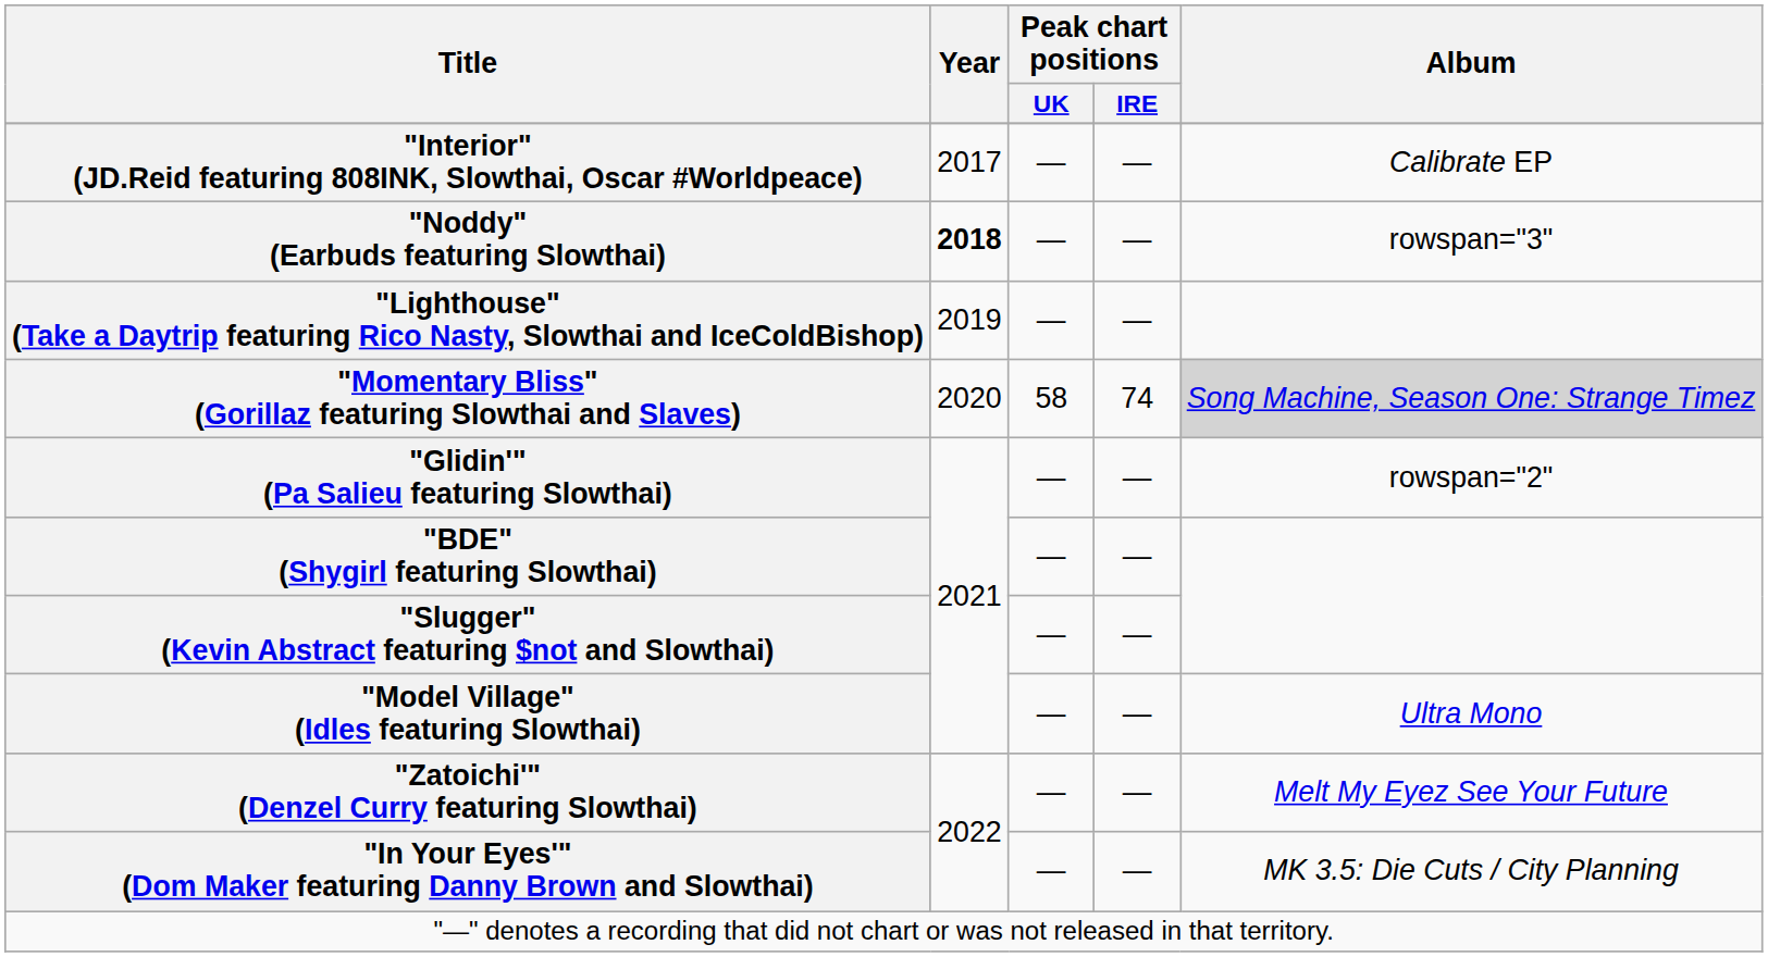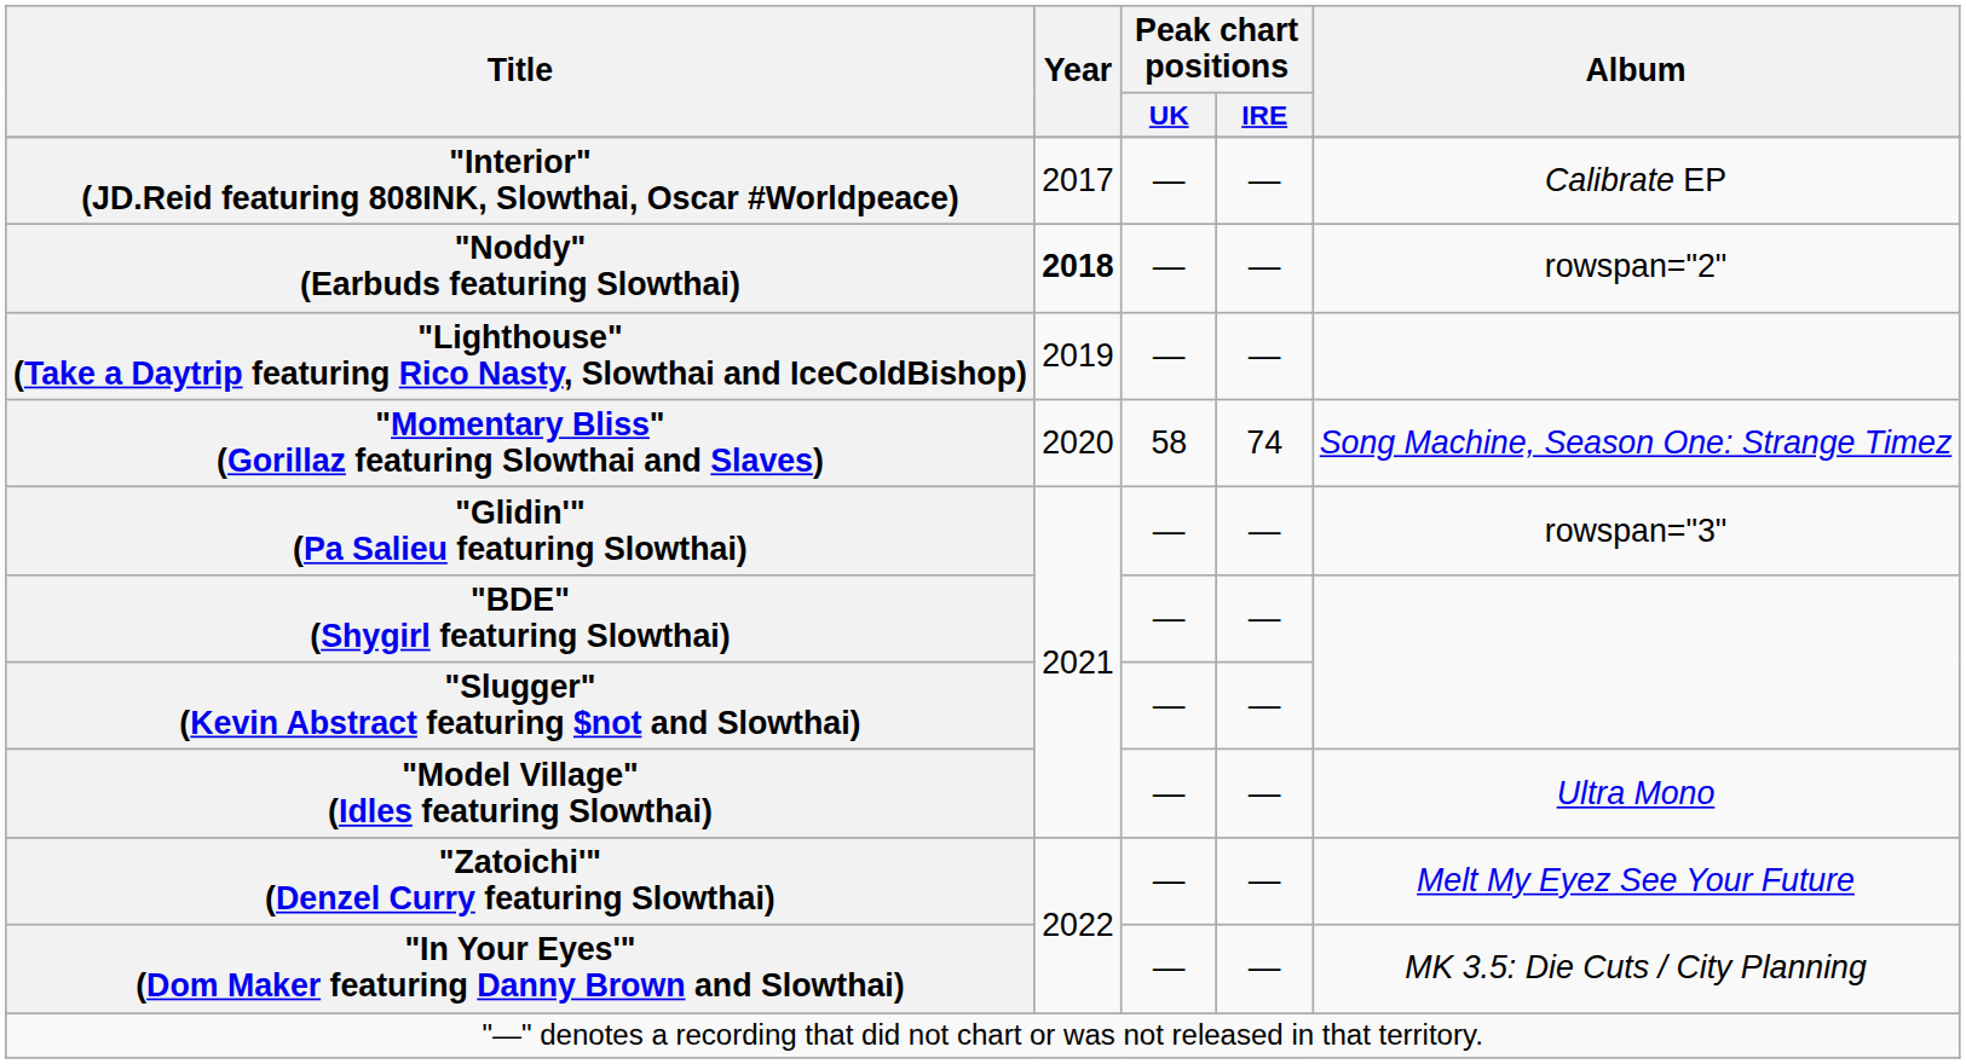 <table class="wikitable plainrowheaders" style="text-align:center;">
 <tr>
 <th scope="col" rowspan="2">Title</th>
 <th scope="col" rowspan="2">Year</th>
 <th scope="col" colspan="2">Peak chart positions</th>
 <th scope="col" rowspan="2">Album</th>
 </tr>
 <tr>
 <th scope="col" style="width:3em;font-size:85%;"><a href='#'>UK</a><br></th>
 <th scope="col" style="width:3em;font-size:85%;"><a href='#'>IRE</a><br></th>
 </tr>
 <tr>
 </tr>
 <tr>
 <th scope="row">"Interior"<br><span>(JD.Reid featuring 808INK, Slowthai, Oscar #Worldpeace)</span></th>
 <td>2017</td>
 <td>—</td>
 <td>—</td>
 <td><em>Calibrate</em> EP</td>
 </tr>
 <tr>
 <th scope="row">"Noddy"<br><span>(Earbuds featuring Slowthai)</span></th>
 <td><strong>2018</strong></td>
 <td>—</td>
 <td>—</td>
-<td>rowspan="3" </td>
+<td>rowspan="2" </td>
 </tr>
 <tr>
 <th scope="row">"Lighthouse"<br><span>(<a href='#'>Take a Daytrip</a> featuring <a href='#'>Rico Nasty</a>, Slowthai and IceColdBishop)</span></th>
 <td>2019</td>
 <td>—</td>
 <td>—</td>
 </tr>
 <tr>
 <th scope="row">"<a href='#'>Momentary Bliss</a>"<br><span>(<a href='#'>Gorillaz</a> featuring Slowthai and <a href='#'>Slaves</a>)</span></th>
 <td>2020</td>
 <td>58</td>
 <td>74</td>
-<td style="background: lightgrey;"><em><a href='#'>Song Machine, Season One: Strange Timez</a></em></td>
+<td><em><a href='#'>Song Machine, Season One: Strange Timez</a></em></td>
 </tr>
 <tr>
 <th scope="row">"Glidin'"<br><span>(<a href='#'>Pa Salieu</a> featuring Slowthai)</span></th>
 <td rowspan="4">2021</td>
 <td>—</td>
 <td>—</td>
-<td>rowspan="2" </td>
+<td>rowspan="3" </td>
 </tr>
 <tr>
 <th scope="row">"BDE"<br><span>(<a href='#'>Shygirl</a> featuring Slowthai)</span></th>
 <td>—</td>
 <td>—</td>
 </tr>
 <tr>
 <th scope="row">"Slugger"<br><span>(<a href='#'>Kevin Abstract</a> featuring <a href='#'>$not</a> and Slowthai)</span></th>
 <td>—</td>
 <td>—</td>
 </tr>
 <tr>
 <th scope="row">"Model Village"<br><span>(<a href='#'>Idles</a> featuring Slowthai)</span></th>
 <td>—</td>
 <td>—</td>
 <td><em><a href='#'>Ultra Mono</a></em></td>
 </tr>
 <tr>
 <th scope="row">"Zatoichi'"<br><span>(<a href='#'>Denzel Curry</a> featuring Slowthai)</span></th>
 <td rowspan="2">2022</td>
 <td>—</td>
 <td>—</td>
 <td><em><a href='#'>Melt My Eyez See Your Future</a></em></td>
 </tr>
 <tr>
 <th scope="row">"In Your Eyes'"<br><span>(<a href='#'>Dom Maker</a> featuring <a href='#'>Danny Brown</a> and Slowthai)</span></th>
 <td>—</td>
 <td>—</td>
 <td><em>MK 3.5: Die Cuts / City Planning</em></td>
 </tr>
 <tr>
 <td colspan="5" style="font-size:90%">"—" denotes a recording that did not chart or was not released in that territory.</td>
 </tr>
 </table>
